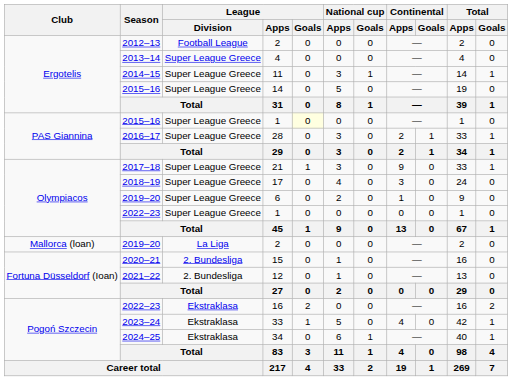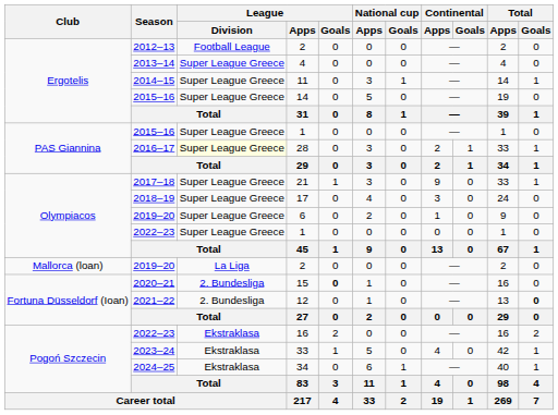 <table class="wikitable" style="text-align:center">
 <tr>
 <th rowspan="2">Club</th>
 <th rowspan="2">Season</th>
 <th colspan="3">League</th>
 <th colspan="2">National cup</th>
 <th colspan="2">Continental</th>
 <th colspan="2">Total</th>
 </tr>
 <tr>
 <th>Division</th>
 <th>Apps</th>
 <th>Goals</th>
 <th>Apps</th>
 <th>Goals</th>
 <th>Apps</th>
 <th>Goals</th>
 <th>Apps</th>
 <th>Goals</th>
 </tr>
 <tr>
 <td rowspan="5"><a href='#'>Ergotelis</a></td>
 <td><a href='#'>2012–13</a></td>
 <td><a href='#'>Football League</a></td>
 <td>2</td>
 <td>0</td>
 <td>0</td>
 <td>0</td>
 <td colspan="2">—</td>
 <td>2</td>
 <td>0</td>
 </tr>
 <tr>
 <td><a href='#'>2013–14</a></td>
 <td><a href='#'>Super League Greece</a></td>
 <td>4</td>
 <td>0</td>
 <td>0</td>
 <td>0</td>
 <td colspan="2">—</td>
 <td>4</td>
 <td>0</td>
 </tr>
 <tr>
 <td><a href='#'>2014–15</a></td>
 <td>Super League Greece</td>
 <td>11</td>
 <td>0</td>
 <td>3</td>
 <td>1</td>
 <td colspan="2">—</td>
 <td>14</td>
 <td>1</td>
 </tr>
 <tr>
 <td><a href='#'>2015–16</a></td>
 <td>Super League Greece</td>
 <td>14</td>
 <td>0</td>
 <td>5</td>
 <td>0</td>
 <td colspan="2">—</td>
 <td>19</td>
 <td>0</td>
 </tr>
 <tr>
 <th colspan="2">Total</th>
 <th>31</th>
 <th>0</th>
 <th>8</th>
 <th>1</th>
 <th colspan="2">—</th>
 <th>39</th>
 <th>1</th>
 </tr>
 <tr>
 <td rowspan="3"><a href='#'>PAS Giannina</a></td>
 <td><a href='#'>2015–16</a></td>
 <td>Super League Greece</td>
 <td>1</td>
-<td style="background: lightyellow;">0</td>
+<td>0</td>
 <td>0</td>
 <td>0</td>
 <td colspan="2">—</td>
 <td>1</td>
 <td>0</td>
 </tr>
 <tr>
 <td><a href='#'>2016–17</a></td>
-<td>Super League Greece</td>
+<td style="background: lightyellow;">Super League Greece</td>
 <td>28</td>
 <td>0</td>
 <td>3</td>
 <td>0</td>
 <td>2</td>
 <td>1</td>
 <td>33</td>
 <td>1</td>
 </tr>
 <tr>
 <th colspan="2">Total</th>
 <th>29</th>
 <th>0</th>
 <th>3</th>
 <th>0</th>
 <th>2</th>
 <th>1</th>
 <th>34</th>
 <th>1</th>
 </tr>
 <tr>
 <td rowspan="5"><a href='#'>Olympiacos</a></td>
 <td><a href='#'>2017–18</a></td>
 <td>Super League Greece</td>
 <td>21</td>
 <td>1</td>
 <td>3</td>
 <td>0</td>
 <td>9</td>
 <td>0</td>
 <td>33</td>
 <td>1</td>
 </tr>
 <tr>
 <td><a href='#'>2018–19</a></td>
 <td>Super League Greece</td>
 <td>17</td>
 <td>0</td>
 <td>4</td>
 <td>0</td>
 <td>3</td>
 <td>0</td>
 <td>24</td>
 <td>0</td>
 </tr>
 <tr>
 <td><a href='#'>2019–20</a></td>
 <td>Super League Greece</td>
 <td>6</td>
 <td>0</td>
 <td>2</td>
 <td>0</td>
 <td>1</td>
 <td>0</td>
 <td>9</td>
 <td>0</td>
 </tr>
 <tr>
 <td><a href='#'>2022–23</a></td>
 <td>Super League Greece</td>
 <td>1</td>
 <td>0</td>
 <td>0</td>
 <td>0</td>
 <td>0</td>
 <td>0</td>
 <td>1</td>
 <td>0</td>
 </tr>
 <tr>
 <th colspan="2">Total</th>
 <th>45</th>
 <th>1</th>
 <th>9</th>
 <th>0</th>
 <th>13</th>
 <th>0</th>
 <th>67</th>
 <th>1</th>
 </tr>
 <tr>
 <td><a href='#'>Mallorca</a> (loan)</td>
 <td><a href='#'>2019–20</a></td>
 <td><a href='#'>La Liga</a></td>
 <td>2</td>
 <td>0</td>
 <td>0</td>
 <td>0</td>
 <td colspan="2">—</td>
 <td>2</td>
 <td>0</td>
 </tr>
 <tr>
 <td rowspan="3"><a href='#'>Fortuna Düsseldorf</a> (Ioan)</td>
 <td><a href='#'>2020–21</a></td>
 <td><a href='#'>2. Bundesliga</a></td>
 <td>15</td>
-<td>0</td>
+<td><strong>0</strong></td>
 <td>1</td>
 <td>0</td>
 <td colspan="2">—</td>
 <td>16</td>
 <td>0</td>
 </tr>
 <tr>
 <td><a href='#'>2021–22</a></td>
 <td>2. Bundesliga</td>
 <td>12</td>
 <td>0</td>
 <td>1</td>
 <td>0</td>
 <td colspan="2">—</td>
 <td>13</td>
-<td>0</td>
+<td><strong>0</strong></td>
 </tr>
 <tr>
 <th colspan="2">Total</th>
 <th>27</th>
 <th>0</th>
 <th>2</th>
 <th>0</th>
 <th>0</th>
 <th>0</th>
 <th>29</th>
 <th>0</th>
 </tr>
 <tr>
 <td rowspan="4"><a href='#'>Pogoń Szczecin</a></td>
 <td><a href='#'>2022–23</a></td>
 <td><a href='#'>Ekstraklasa</a></td>
 <td>16</td>
 <td>2</td>
 <td>0</td>
 <td>0</td>
 <td colspan="2">—</td>
 <td>16</td>
 <td>2</td>
 </tr>
 <tr>
 <td><a href='#'>2023–24</a></td>
 <td>Ekstraklasa</td>
 <td>33</td>
 <td>1</td>
 <td>5</td>
 <td>0</td>
 <td>4</td>
 <td>0</td>
 <td>42</td>
 <td>1</td>
 </tr>
 <tr>
 <td><a href='#'>2024–25</a></td>
 <td>Ekstraklasa</td>
 <td>34</td>
 <td>0</td>
 <td>6</td>
 <td>1</td>
 <td colspan="2">—</td>
 <td>40</td>
 <td>1</td>
 </tr>
 <tr>
 <th colspan="2">Total</th>
 <th>83</th>
 <th>3</th>
 <th>11</th>
 <th>1</th>
 <th>4</th>
 <th>0</th>
 <th>98</th>
 <th>4</th>
 </tr>
 <tr>
 <th colspan="3">Career total</th>
 <th>217</th>
 <th>4</th>
 <th>33</th>
 <th>2</th>
 <th>19</th>
 <th>1</th>
 <th>269</th>
 <th>7</th>
 </tr>
 </table>
